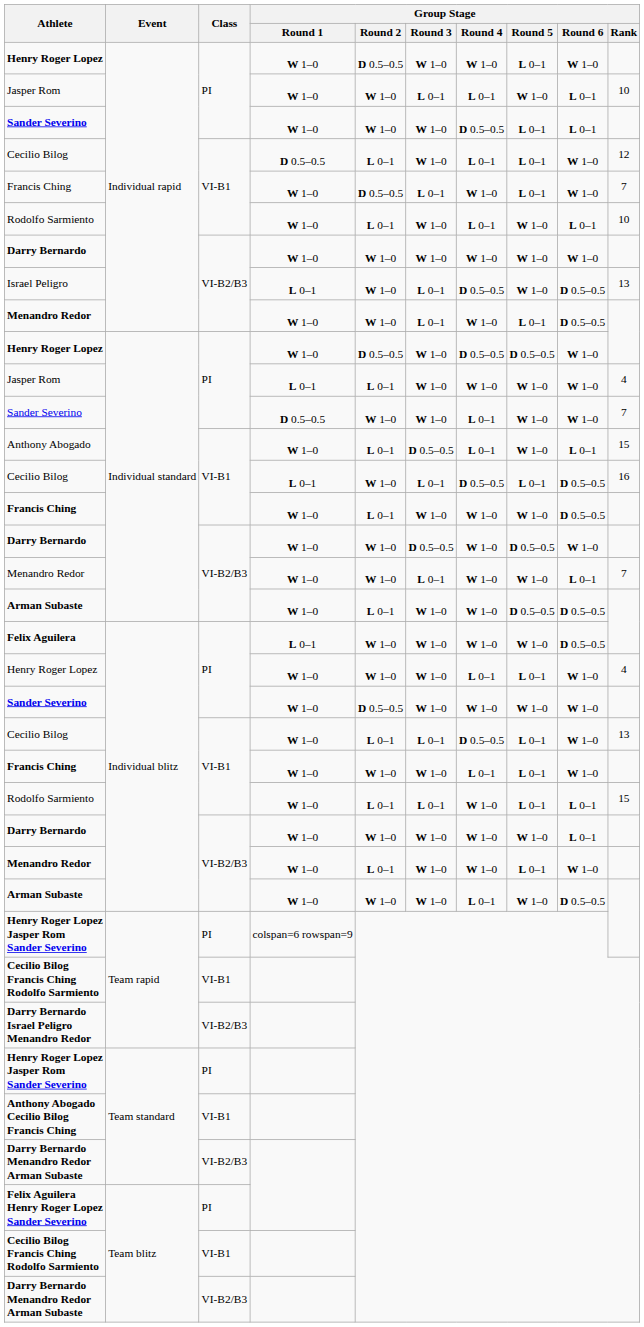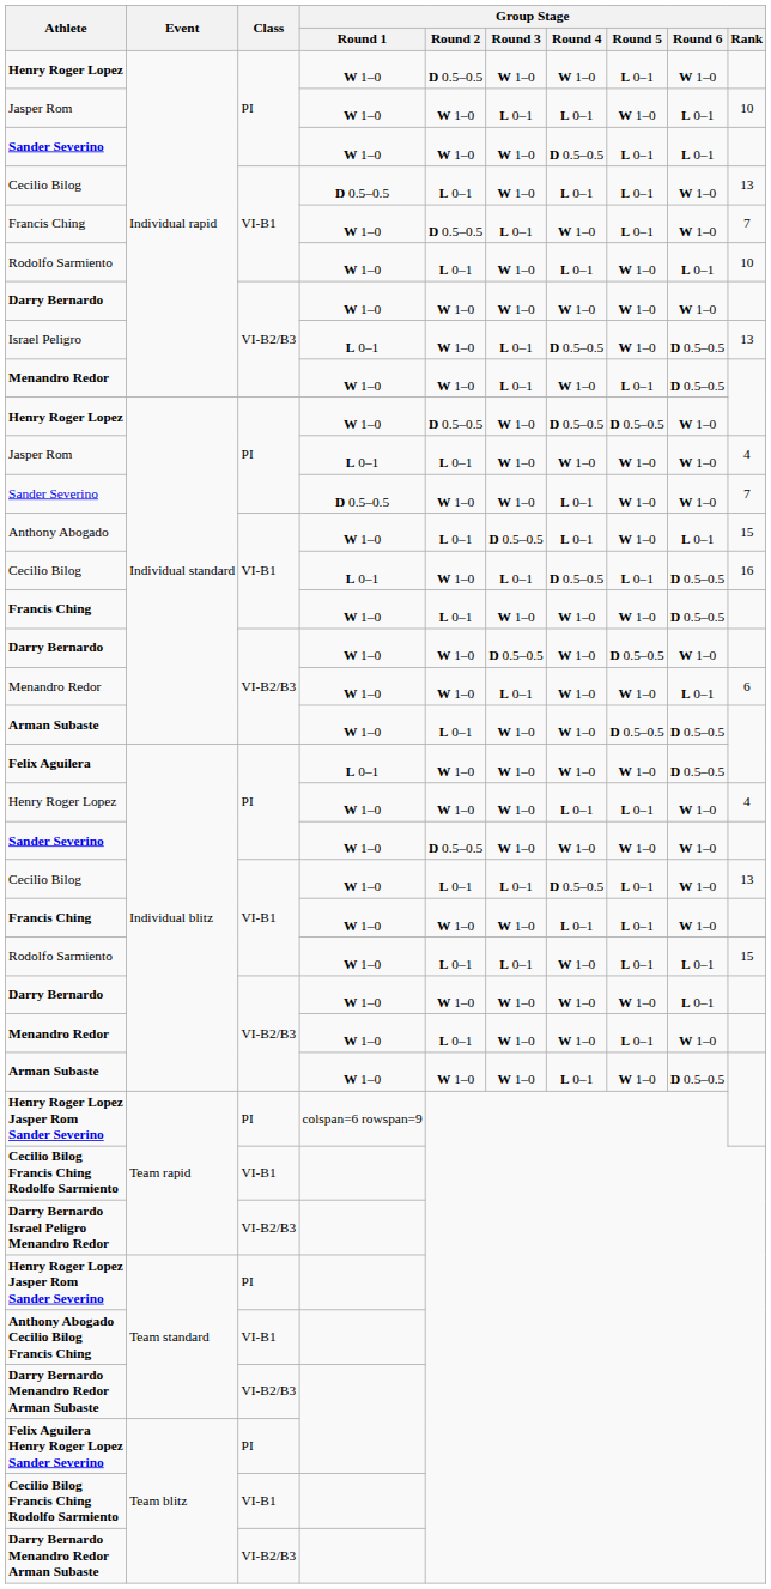 <table class="wikitable" style="font-size:90%">
 <tr>
 <th rowspan=2>Athlete</th>
 <th rowspan=2>Event</th>
 <th rowspan=2>Class</th>
 <th colspan=7>Group Stage</th>
 </tr>
 <tr style="font-size:70", align="center">
 <th>Round 1</th>
 <th>Round 2</th>
 <th>Round 3</th>
 <th>Round 4</th>
 <th>Round 5</th>
 <th>Round 6</th>
 <th>Rank</th>
 </tr>
 <tr align=center>
 <td align=left><strong>Henry Roger Lopez</strong></td>
 <td rowspan=9 align=left>Individual rapid</td>
 <td rowspan=3 align=left>PI</td>
 <td><br><strong>W</strong> 1–0</td>
 <td><br><strong>D</strong> 0.5–0.5</td>
 <td><br><strong>W</strong> 1–0</td>
 <td><br><strong>W</strong> 1–0</td>
 <td><br><strong>L</strong> 0–1</td>
 <td><br><strong>W</strong> 1–0</td>
 <td></td>
 </tr>
 <tr align=center>
 <td align=left>Jasper Rom</td>
 <td><br><strong>W</strong> 1–0</td>
 <td><br><strong>W</strong> 1–0</td>
 <td><br><strong>L</strong> 0–1</td>
 <td><br><strong>L</strong> 0–1</td>
 <td><br><strong>W</strong> 1–0</td>
 <td><br><strong>L</strong> 0–1</td>
 <td>10</td>
 </tr>
 <tr align=center>
 <td align=left><strong><a href='#'>Sander Severino</a></strong></td>
 <td><br><strong>W</strong> 1–0</td>
 <td><br><strong>W</strong> 1–0</td>
 <td><br><strong>W</strong> 1–0</td>
 <td><br><strong>D</strong> 0.5–0.5</td>
 <td><br><strong>L</strong> 0–1</td>
 <td><br><strong>L</strong> 0–1</td>
 <td></td>
 </tr>
 <tr align=center>
 <td align=left>Cecilio Bilog</td>
 <td rowspan=3 align=left>VI-B1</td>
 <td><br><strong>D</strong> 0.5–0.5</td>
 <td><br><strong>L</strong> 0–1</td>
 <td><br><strong>W</strong> 1–0</td>
 <td><br><strong>L</strong> 0–1</td>
 <td><br><strong>L</strong> 0–1</td>
 <td><br><strong>W</strong> 1–0</td>
-<td>12</td>
+<td>13</td>
 </tr>
 <tr align=center>
 <td align=left>Francis Ching</td>
 <td><br><strong>W</strong> 1–0</td>
 <td><br><strong>D</strong> 0.5–0.5</td>
 <td><br><strong>L</strong> 0–1</td>
 <td><br><strong>W</strong> 1–0</td>
 <td><br><strong>L</strong> 0–1</td>
 <td><br><strong>W</strong> 1–0</td>
 <td>7</td>
 </tr>
 <tr align=center>
 <td align=left>Rodolfo Sarmiento</td>
 <td><br><strong>W</strong> 1–0</td>
 <td><br><strong>L</strong> 0–1</td>
 <td><br><strong>W</strong> 1–0</td>
 <td><br><strong>L</strong> 0–1</td>
 <td><br><strong>W</strong> 1–0</td>
 <td><br><strong>L</strong> 0–1</td>
 <td>10</td>
 </tr>
 <tr align=center>
 <td align=left><strong>Darry Bernardo</strong></td>
 <td rowspan=3 align=left>VI-B2/B3</td>
 <td><br><strong>W</strong> 1–0</td>
 <td><br><strong>W</strong> 1–0</td>
 <td><br><strong>W</strong> 1–0</td>
 <td><br><strong>W</strong> 1–0</td>
 <td><br><strong>W</strong> 1–0</td>
 <td><br><strong>W</strong> 1–0</td>
 <td></td>
 </tr>
 <tr align=center>
 <td align=left>Israel Peligro</td>
 <td><br><strong>L</strong> 0–1</td>
 <td><br><strong>W</strong> 1–0</td>
 <td><br><strong>L</strong> 0–1</td>
 <td><br><strong>D</strong> 0.5–0.5</td>
 <td><br><strong>W</strong> 1–0</td>
 <td><br><strong>D</strong> 0.5–0.5</td>
 <td>13</td>
 </tr>
 <tr align=center>
 <td align=left><strong>Menandro Redor</strong></td>
 <td><br><strong>W</strong> 1–0</td>
 <td><br><strong>W</strong> 1–0</td>
 <td><br><strong>L</strong> 0–1</td>
 <td><br><strong>W</strong> 1–0</td>
 <td><br><strong>L</strong> 0–1</td>
 <td><br><strong>D</strong> 0.5–0.5</td>
 <td rowspan=2></td>
 </tr>
 <tr align=center>
 <td align=left><strong>Henry Roger Lopez</strong></td>
 <td rowspan=9 align=left>Individual standard</td>
 <td rowspan=3 align=left>PI</td>
 <td><br><strong>W</strong> 1–0</td>
 <td><br><strong>D</strong> 0.5–0.5</td>
 <td><br><strong>W</strong> 1–0</td>
 <td><br><strong>D</strong> 0.5–0.5</td>
 <td><br><strong>D</strong> 0.5–0.5</td>
 <td><br><strong>W</strong> 1–0</td>
 </tr>
 <tr align=center>
 <td align=left>Jasper Rom</td>
 <td><br><strong>L</strong> 0–1</td>
 <td><br><strong>L</strong> 0–1</td>
 <td><br><strong>W</strong> 1–0</td>
 <td><br><strong>W</strong> 1–0</td>
 <td><br><strong>W</strong> 1–0</td>
 <td><br><strong>W</strong> 1–0</td>
 <td>4</td>
 </tr>
 <tr align=center>
 <td align=left><a href='#'>Sander Severino</a></td>
 <td><br><strong>D</strong> 0.5–0.5</td>
 <td><br><strong>W</strong> 1–0</td>
 <td><br><strong>W</strong> 1–0</td>
 <td><br><strong>L</strong> 0–1</td>
 <td><br><strong>W</strong> 1–0</td>
 <td><br><strong>W</strong> 1–0</td>
 <td>7</td>
 </tr>
 <tr align=center>
 <td align=left>Anthony Abogado</td>
 <td rowspan=3 align=left>VI-B1</td>
 <td><br><strong>W</strong> 1–0</td>
 <td><br><strong>L</strong> 0–1</td>
 <td><br><strong>D</strong> 0.5–0.5</td>
 <td><br><strong>L</strong> 0–1</td>
 <td><br><strong>W</strong> 1–0</td>
 <td><br><strong>L</strong> 0–1</td>
 <td>15</td>
 </tr>
 <tr align=center>
 <td align=left>Cecilio Bilog</td>
 <td><br><strong>L</strong> 0–1</td>
 <td><br><strong>W</strong> 1–0</td>
 <td><br><strong>L</strong> 0–1</td>
 <td><br><strong>D</strong> 0.5–0.5</td>
 <td><br><strong>L</strong> 0–1</td>
 <td><br><strong>D</strong> 0.5–0.5</td>
 <td>16</td>
 </tr>
 <tr align=center>
 <td align=left><strong>Francis Ching</strong></td>
 <td><br><strong>W</strong> 1–0</td>
 <td><br><strong>L</strong> 0–1</td>
 <td><br><strong>W</strong> 1–0</td>
 <td><br><strong>W</strong> 1–0</td>
 <td><br><strong>W</strong> 1–0</td>
 <td><br><strong>D</strong> 0.5–0.5</td>
 <td></td>
 </tr>
 <tr align=center>
 <td align=left><strong>Darry Bernardo</strong></td>
 <td rowspan=3 align=left>VI-B2/B3</td>
 <td><br><strong>W</strong> 1–0</td>
 <td><br><strong>W</strong> 1–0</td>
 <td><br><strong>D</strong> 0.5–0.5</td>
 <td><br><strong>W</strong> 1–0</td>
 <td><br><strong>D</strong> 0.5–0.5</td>
 <td><br><strong>W</strong> 1–0</td>
 <td></td>
 </tr>
 <tr align=center>
 <td align=left>Menandro Redor</td>
 <td><br><strong>W</strong> 1–0</td>
 <td><br><strong>W</strong> 1–0</td>
 <td><br><strong>L</strong> 0–1</td>
 <td><br><strong>W</strong> 1–0</td>
 <td><br><strong>W</strong> 1–0</td>
 <td><br><strong>L</strong> 0–1</td>
-<td>7</td>
+<td>6</td>
 </tr>
 <tr align=center>
 <td align=left><strong>Arman Subaste</strong></td>
 <td><br><strong>W</strong> 1–0</td>
 <td><br><strong>L</strong> 0–1</td>
 <td><br><strong>W</strong> 1–0</td>
 <td><br><strong>W</strong> 1–0</td>
 <td><br><strong>D</strong> 0.5–0.5</td>
 <td><br><strong>D</strong> 0.5–0.5</td>
 <td rowspan=2></td>
 </tr>
 <tr align=center>
 <td align=left><strong>Felix Aguilera</strong></td>
 <td rowspan=9 align=left>Individual blitz</td>
 <td rowspan=3 align=left>PI</td>
 <td><br><strong>L</strong> 0–1</td>
 <td><br><strong>W</strong> 1–0</td>
 <td><br><strong>W</strong> 1–0</td>
 <td><br><strong>W</strong> 1–0</td>
 <td><br><strong>W</strong> 1–0</td>
 <td><br><strong>D</strong> 0.5–0.5</td>
 </tr>
 <tr align=center>
 <td align=left>Henry Roger Lopez</td>
 <td><br><strong>W</strong> 1–0</td>
 <td><br><strong>W</strong> 1–0</td>
 <td><br><strong>W</strong> 1–0</td>
 <td><br><strong>L</strong> 0–1</td>
 <td><br><strong>L</strong> 0–1</td>
 <td><br><strong>W</strong> 1–0</td>
 <td>4</td>
 </tr>
 <tr align=center>
 <td align=left><strong><a href='#'>Sander Severino</a></strong></td>
 <td><br><strong>W</strong> 1–0</td>
 <td><br><strong>D</strong> 0.5–0.5</td>
 <td><br><strong>W</strong> 1–0</td>
 <td><br><strong>W</strong> 1–0</td>
 <td><br><strong>W</strong> 1–0</td>
 <td><br><strong>W</strong> 1–0</td>
 <td></td>
 </tr>
 <tr align=center>
 <td align=left>Cecilio Bilog</td>
 <td rowspan=3 align=left>VI-B1</td>
 <td><br><strong>W</strong> 1–0</td>
 <td><br><strong>L</strong> 0–1</td>
 <td><br><strong>L</strong> 0–1</td>
 <td><br><strong>D</strong> 0.5–0.5</td>
 <td><br><strong>L</strong> 0–1</td>
 <td><br><strong>W</strong> 1–0</td>
 <td>13</td>
 </tr>
 <tr align=center>
 <td align=left><strong>Francis Ching</strong></td>
 <td><br><strong>W</strong> 1–0</td>
 <td><br><strong>W</strong> 1–0</td>
 <td><br><strong>W</strong> 1–0</td>
 <td><br><strong>L</strong> 0–1</td>
 <td><br><strong>L</strong> 0–1</td>
 <td><br><strong>W</strong> 1–0</td>
 <td></td>
 </tr>
 <tr align=center>
 <td align=left>Rodolfo Sarmiento</td>
 <td><br><strong>W</strong> 1–0</td>
 <td><br><strong>L</strong> 0–1</td>
 <td><br><strong>L</strong> 0–1</td>
 <td><br><strong>W</strong> 1–0</td>
 <td><br><strong>L</strong> 0–1</td>
 <td><br><strong>L</strong> 0–1</td>
 <td>15</td>
 </tr>
 <tr align=center>
 <td align=left><strong>Darry Bernardo</strong></td>
 <td rowspan=3 align=left>VI-B2/B3</td>
 <td><br><strong>W</strong> 1–0</td>
 <td><br><strong>W</strong> 1–0</td>
 <td><br><strong>W</strong> 1–0</td>
 <td><br><strong>W</strong> 1–0</td>
 <td><br><strong>W</strong> 1–0</td>
 <td><br><strong>L</strong> 0–1</td>
 <td></td>
 </tr>
 <tr align=center>
 <td align=left><strong>Menandro Redor</strong></td>
 <td><br><strong>W</strong> 1–0</td>
 <td><br><strong>L</strong> 0–1</td>
 <td><br><strong>W</strong> 1–0</td>
 <td><br><strong>W</strong> 1–0</td>
 <td><br><strong>L</strong> 0–1</td>
 <td><br><strong>W</strong> 1–0</td>
 <td></td>
 </tr>
 <tr align=center>
 <td align=left><strong>Arman Subaste</strong></td>
 <td><br><strong>W</strong> 1–0</td>
 <td><br><strong>W</strong> 1–0</td>
 <td><br><strong>W</strong> 1–0</td>
 <td><br><strong>L</strong> 0–1</td>
 <td><br><strong>W</strong> 1–0</td>
 <td><br><strong>D</strong> 0.5–0.5</td>
 <td rowspan=2></td>
 </tr>
 <tr align=center>
 <td align=left><strong>Henry Roger Lopez<br>Jasper Rom<br><a href='#'>Sander Severino</a></strong></td>
 <td rowspan=3 align=left>Team rapid</td>
 <td align=left>PI</td>
 <td>colspan=6 rowspan=9 </td>
 </tr>
 <tr align=center>
 <td align=left><strong>Cecilio Bilog<br>Francis Ching<br>Rodolfo Sarmiento</strong></td>
 <td align=left>VI-B1</td>
 <td></td>
 </tr>
 <tr align=center>
 <td align=left><strong>Darry Bernardo<br>Israel Peligro<br>Menandro Redor</strong></td>
 <td align=left>VI-B2/B3</td>
 <td></td>
 </tr>
 <tr align=center>
 <td align=left><strong>Henry Roger Lopez<br>Jasper Rom<br><a href='#'>Sander Severino</a></strong></td>
 <td rowspan=3 align=left>Team standard</td>
 <td align=left>PI</td>
 <td></td>
 </tr>
 <tr align=center>
 <td align=left><strong>Anthony Abogado<br>Cecilio Bilog<br>Francis Ching</strong></td>
 <td align=left>VI-B1</td>
 <td></td>
 </tr>
 <tr align=center>
 <td align=left><strong>Darry Bernardo<br>Menandro Redor<br>Arman Subaste</strong></td>
 <td align=left>VI-B2/B3</td>
 <td rowspan=2></td>
 </tr>
 <tr align=center>
 <td align=left><strong>Felix Aguilera<br>Henry Roger Lopez<br><a href='#'>Sander Severino</a></strong></td>
 <td rowspan=3 align=left>Team blitz</td>
 <td align=left>PI</td>
 </tr>
 <tr align=center>
 <td align=left><strong>Cecilio Bilog<br>Francis Ching<br>Rodolfo Sarmiento</strong></td>
 <td align=left>VI-B1</td>
 <td></td>
 </tr>
 <tr align=center>
 <td align=left><strong>Darry Bernardo<br>Menandro Redor<br>Arman Subaste</strong></td>
 <td align=left>VI-B2/B3</td>
 <td></td>
 </tr>
 </table>
